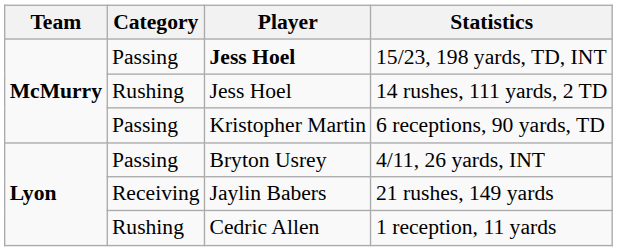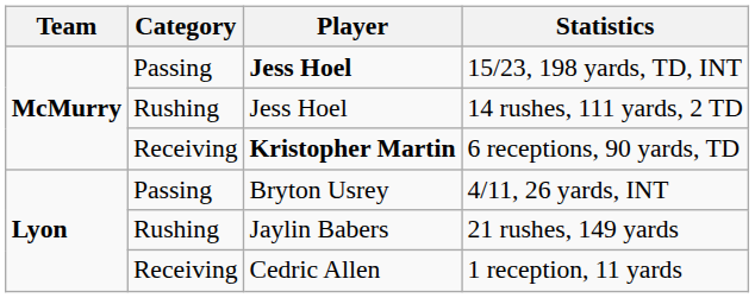 <table class="wikitable" style="float: left;">
 <tr>
 <th>Team</th>
 <th>Category</th>
 <th>Player</th>
 <th>Statistics</th>
 </tr>
 <tr>
 <td rowspan=3><strong>McMurry</strong></td>
 <td>Passing</td>
 <td><strong>Jess Hoel</strong></td>
 <td>15/23, 198 yards, TD, INT</td>
 </tr>
 <tr>
 <td>Rushing</td>
 <td>Jess Hoel</td>
 <td>14 rushes, 111 yards, 2 TD</td>
 </tr>
 <tr>
-<td>Passing</td>
-<td>Kristopher Martin</td>
+<td>Receiving</td>
+<td><strong>Kristopher Martin</strong></td>
 <td>6 receptions, 90 yards, TD</td>
 </tr>
 <tr>
 <td rowspan=3><strong>Lyon</strong></td>
 <td>Passing</td>
 <td>Bryton Usrey</td>
 <td>4/11, 26 yards, INT</td>
 </tr>
 <tr>
-<td>Receiving</td>
+<td>Rushing</td>
 <td>Jaylin Babers</td>
 <td>21 rushes, 149 yards</td>
 </tr>
 <tr>
-<td>Rushing</td>
+<td>Receiving</td>
 <td>Cedric Allen</td>
 <td>1 reception, 11 yards</td>
 </tr>
 </table>
